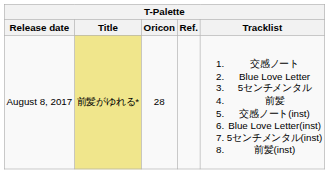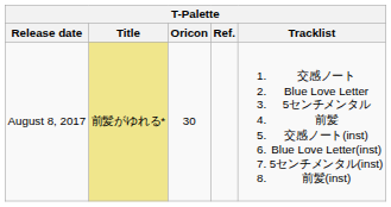 <table class="wikitable plainrowheaders" style="text-align: center">
 <tr>
 <th colspan="5">T-Palette</th>
 </tr>
 <tr>
 <th>Release date</th>
 <th>Title</th>
 <th>Oricon</th>
 <th>Ref.</th>
 <th>Tracklist</th>
 </tr>
 <tr>
 <td>August 8, 2017</td>
 <td style="background: khaki;">前髪がゆれる*</td>
-<td>28</td>
+<td>30</td>
 <td></td>
 <td><br><ol><li>交感ノート</li><li>Blue Love Letter</li><li>5センチメンタル</li><li>前髪</li><li>交感ノート(inst)</li><li>Blue Love Letter(inst)</li><li>5センチメンタル(inst)</li><li>前髪(inst)</li></ol></td>
 </tr>
 </table>
